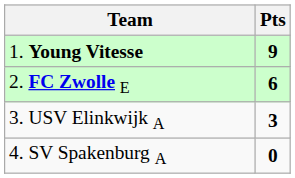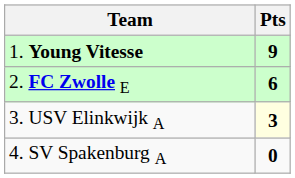 <table class="wikitable" style="text-align:center; float:left; margin-right:1em">
 <tr>
 <th style="width:200px">Team</th>
 <th width=20>Pts</th>
 </tr>
 <tr bgcolor=ccffcc>
 <td align=left>1. <strong>Young Vitesse</strong></td>
 <td><strong>9</strong></td>
 </tr>
 <tr bgcolor=ccffcc>
 <td align=left>2. <strong><a href='#'>FC Zwolle</a></strong> <sub>E</sub></td>
 <td><strong>6</strong></td>
 </tr>
 <tr>
 <td align=left>3. USV Elinkwijk <sub>A</sub></td>
-<td><strong>3</strong></td>
+<td style="background: lightyellow;"><strong>3</strong></td>
 </tr>
 <tr>
 <td align=left>4. SV Spakenburg <sub>A</sub></td>
 <td><strong>0</strong></td>
 </tr>
 </table>
